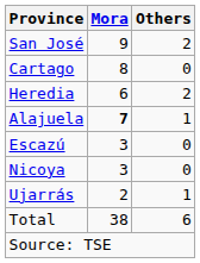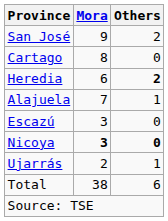 <table class=wikitable style=text-align:right>
 <tr>
 <th>Province</th>
 <th><a href='#'>Mora</a></th>
 <th>Others</th>
 </tr>
 <tr>
 <td align=left><a href='#'>San José</a></td>
 <td>9</td>
 <td>2</td>
 </tr>
 <tr>
 <td align=left><a href='#'>Cartago</a></td>
 <td>8</td>
 <td>0</td>
 </tr>
 <tr>
 <td align=left><a href='#'>Heredia</a></td>
 <td>6</td>
-<td>2</td>
+<td><strong>2</strong></td>
 </tr>
 <tr>
 <td align=left><a href='#'>Alajuela</a></td>
-<td><strong>7</strong></td>
+<td>7</td>
 <td>1</td>
 </tr>
 <tr>
 <td align=left><a href='#'>Escazú</a></td>
 <td>3</td>
 <td>0</td>
 </tr>
 <tr>
 <td align=left><a href='#'>Nicoya</a></td>
-<td>3</td>
-<td>0</td>
+<td><strong>3</strong></td>
+<td><strong>0</strong></td>
 </tr>
 <tr>
 <td align=left><a href='#'>Ujarrás</a></td>
 <td>2</td>
 <td>1</td>
 </tr>
 <tr>
 <td align=left>Total</td>
 <td>38</td>
 <td>6</td>
 </tr>
 <tr>
 <td align=left colspan=3>Source: TSE</td>
 </tr>
 </table>
